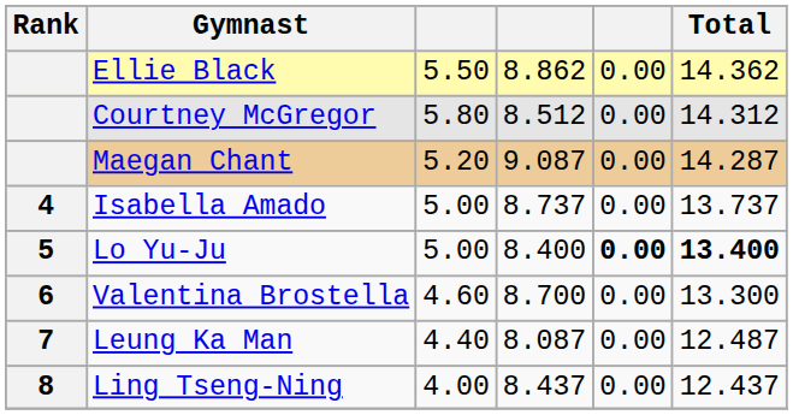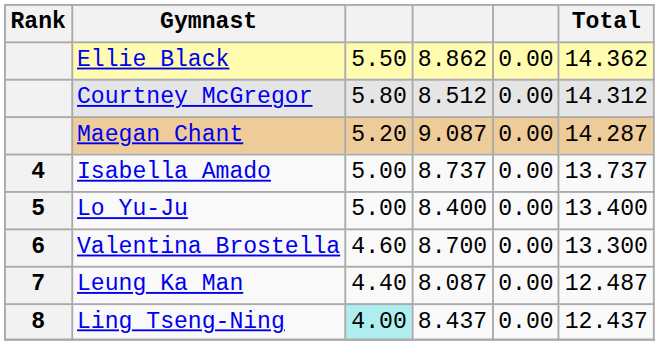 <table class="wikitable sortable" style="text-align:center; font-size:95%">
 <tr>
 <th scope=col>Rank</th>
 <th scope=col>Gymnast</th>
 <th scope=col></th>
 <th scope=col></th>
 <th scope=col></th>
 <th scope=col>Total</th>
 </tr>
 <tr bgcolor=fffcaf>
 <th scope=row style="text-align:center"></th>
 <td align=left><a href='#'>Ellie Black</a><br></td>
 <td>5.50</td>
 <td>8.862</td>
 <td>0.00</td>
 <td>14.362</td>
 </tr>
 <tr bgcolor=e5e5e5>
 <th scope=row style="text-align:center"></th>
 <td align=left><a href='#'>Courtney McGregor</a><br></td>
 <td>5.80</td>
 <td>8.512</td>
 <td>0.00</td>
 <td>14.312</td>
 </tr>
 <tr bgcolor=eecc99>
 <th scope=row style="text-align:center"></th>
 <td align=left><a href='#'>Maegan Chant</a><br></td>
 <td>5.20</td>
 <td>9.087</td>
 <td>0.00</td>
 <td>14.287</td>
 </tr>
 <tr>
 <th scope=row style="text-align:center">4</th>
 <td align=left><a href='#'>Isabella Amado</a><br></td>
 <td>5.00</td>
 <td>8.737</td>
 <td>0.00</td>
 <td>13.737</td>
 </tr>
 <tr>
 <th scope=row style="text-align:center">5</th>
 <td align=left><a href='#'>Lo Yu-Ju</a><br></td>
 <td>5.00</td>
 <td>8.400</td>
-<td><strong>0.00</strong></td>
-<td><strong>13.400</strong></td>
+<td>0.00</td>
+<td>13.400</td>
 </tr>
 <tr>
 <th scope=row style="text-align:center">6</th>
 <td align=left><a href='#'>Valentina Brostella</a><br></td>
 <td>4.60</td>
 <td>8.700</td>
 <td>0.00</td>
 <td>13.300</td>
 </tr>
 <tr>
 <th scope=row style="text-align:center">7</th>
 <td align=left><a href='#'>Leung Ka Man</a><br></td>
 <td>4.40</td>
 <td>8.087</td>
 <td>0.00</td>
 <td>12.487</td>
 </tr>
 <tr>
 <th scope=row style="text-align:center">8</th>
 <td align=left><a href='#'>Ling Tseng-Ning</a><br></td>
-<td>4.00</td>
+<td style="background: paleturquoise;">4.00</td>
 <td>8.437</td>
 <td>0.00</td>
 <td>12.437</td>
 </tr>
 <tr>
 </tr>
 </table>
